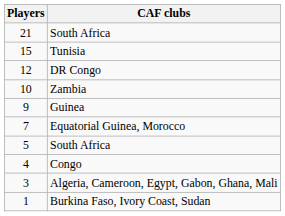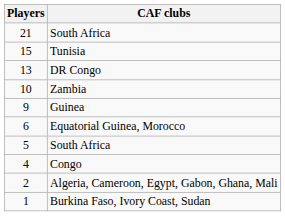 <table class="wikitable">
 <tr>
 <th>Players</th>
 <th>CAF clubs</th>
 </tr>
 <tr>
 <td align="center">21</td>
 <td> South Africa</td>
 </tr>
 <tr>
 <td align="center">15</td>
 <td> Tunisia</td>
 </tr>
 <tr>
-<td align="center">12</td>
+<td align="center">13</td>
 <td> DR Congo</td>
 </tr>
 <tr>
 <td align="center">10</td>
 <td> Zambia</td>
 </tr>
 <tr>
 <td align="center">9</td>
 <td> Guinea</td>
 </tr>
 <tr>
-<td align="center">7</td>
+<td align="center">6</td>
 <td> Equatorial Guinea,  Morocco</td>
 </tr>
 <tr>
 <td align="center">5</td>
 <td> South Africa</td>
 </tr>
 <tr>
 <td align="center">4</td>
 <td> Congo</td>
 </tr>
 <tr>
-<td align="center">3</td>
+<td align="center">2</td>
 <td> Algeria,  Cameroon,  Egypt,  Gabon,  Ghana,  Mali</td>
 </tr>
 <tr>
 <td align="center">1</td>
 <td> Burkina Faso,  Ivory Coast,  Sudan</td>
 </tr>
 </table>
